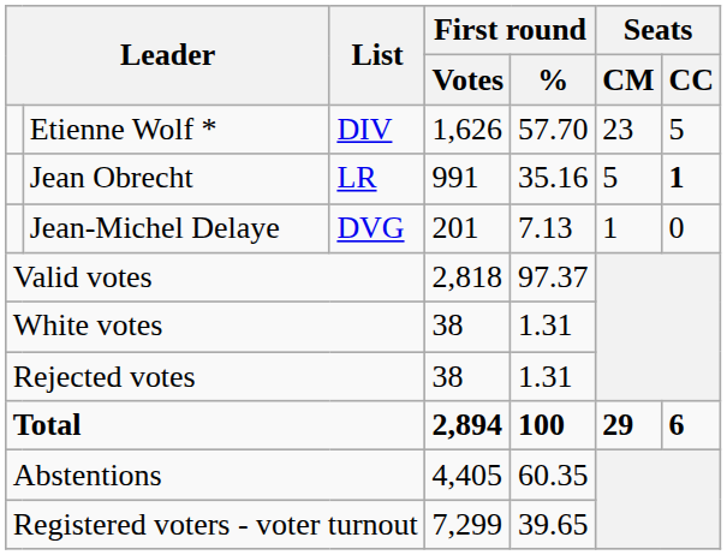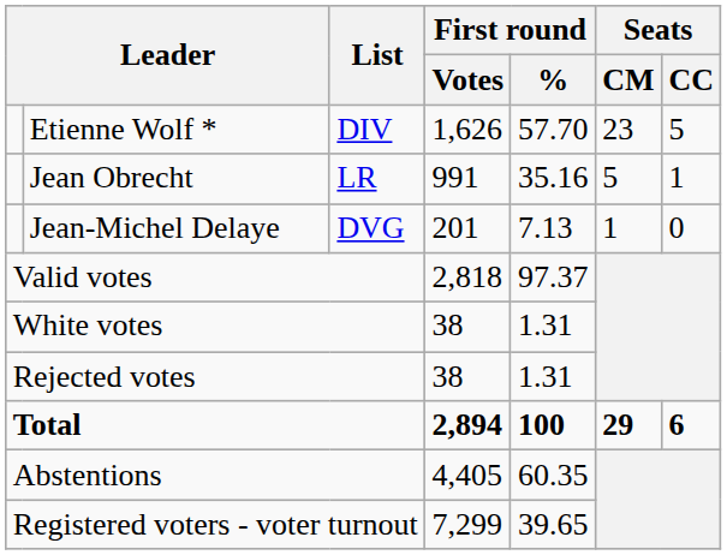 <table class="wikitable">
 <tr>
 <th colspan="2" rowspan="2">Leader</th>
 <th rowspan="2">List</th>
 <th colspan="2">First round</th>
 <th colspan="2">Seats</th>
 </tr>
 <tr>
 <th>Votes</th>
 <th>%</th>
 <th>CM</th>
 <th>CC</th>
 </tr>
 <tr>
 <td bgcolor=></td>
 <td>Etienne Wolf *</td>
 <td><a href='#'>DIV</a></td>
 <td>1,626</td>
 <td>57.70</td>
 <td>23</td>
 <td>5</td>
 </tr>
 <tr>
 <td bgcolor=></td>
 <td>Jean Obrecht</td>
 <td><a href='#'>LR</a></td>
 <td>991</td>
 <td>35.16</td>
 <td>5</td>
-<td><strong>1</strong></td>
+<td>1</td>
 </tr>
 <tr>
 <td bgcolor=></td>
 <td>Jean-Michel Delaye</td>
 <td><a href='#'>DVG</a></td>
 <td>201</td>
 <td>7.13</td>
 <td>1</td>
 <td>0</td>
 </tr>
 <tr>
 <td colspan="3">Valid votes</td>
 <td>2,818</td>
 <td>97.37</td>
 <th colspan="2" rowspan="3"></th>
 </tr>
 <tr>
 <td colspan="3">White votes</td>
 <td>38</td>
 <td>1.31</td>
 </tr>
 <tr>
 <td colspan="3">Rejected votes</td>
 <td>38</td>
 <td>1.31</td>
 </tr>
 <tr>
 <td colspan="3"><strong>Total</strong></td>
 <td><strong>2,894</strong></td>
 <td><strong>100</strong></td>
 <td><strong>29</strong></td>
 <td><strong>6</strong></td>
 </tr>
 <tr>
 <td colspan="3">Abstentions</td>
 <td>4,405</td>
 <td>60.35</td>
 <th colspan="2" rowspan="2"></th>
 </tr>
 <tr>
 <td colspan="3">Registered voters - voter turnout</td>
 <td>7,299</td>
 <td>39.65</td>
 </tr>
 </table>
